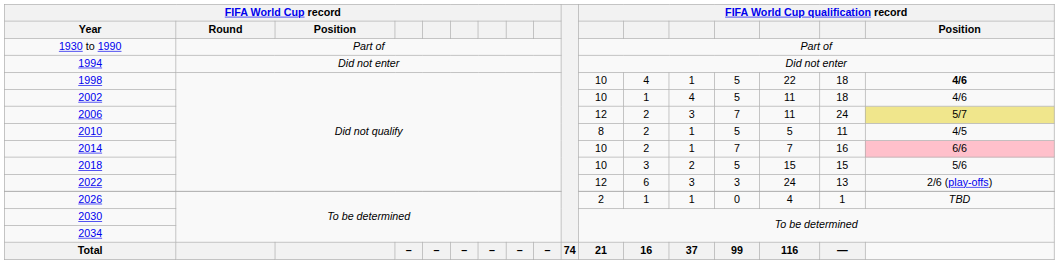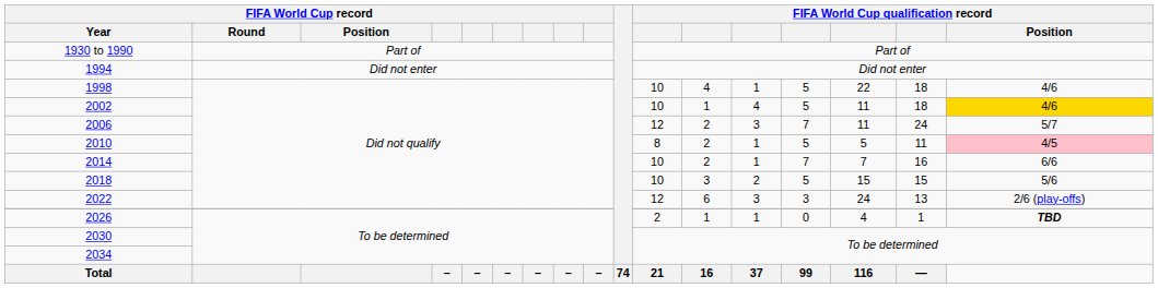 <table class="wikitable" style="text-align: center;">
 <tr>
 <th colspan=9><a href='#'>FIFA World Cup</a> record</th>
 <th width=1% rowspan=15></th>
 <th colspan=7><a href='#'>FIFA World Cup qualification</a> record</th>
 </tr>
 <tr>
 <th>Year</th>
 <th>Round</th>
 <th>Position</th>
 <th></th>
 <th></th>
 <th></th>
 <th></th>
 <th></th>
 <th></th>
 <th></th>
 <th></th>
 <th></th>
 <th></th>
 <th></th>
 <th></th>
 <th>Position</th>
 </tr>
 <tr>
 <td> <a href='#'>1930</a> to  <a href='#'>1990</a></td>
 <td colspan=8><em>Part of </em></td>
 <td colspan=8><em>Part of </em></td>
 </tr>
 <tr>
 <td> <a href='#'>1994</a></td>
 <td colspan=8><em>Did not enter</em></td>
 <td colspan=7><em>Did not enter</em></td>
 </tr>
 <tr>
 <td> <a href='#'>1998</a></td>
 <td rowspan="7" colspan="8"><em>Did not qualify</em></td>
 <td>10</td>
 <td>4</td>
 <td>1</td>
 <td>5</td>
 <td>22</td>
 <td>18</td>
-<td><strong>4/6</strong></td>
+<td>4/6</td>
 </tr>
 <tr>
 <td>  <a href='#'>2002</a></td>
 <td>10</td>
 <td>1</td>
 <td>4</td>
 <td>5</td>
 <td>11</td>
 <td>18</td>
-<td>4/6</td>
+<td style="background: gold;">4/6</td>
 </tr>
 <tr>
 <td> <a href='#'>2006</a></td>
 <td>12</td>
 <td>2</td>
 <td>3</td>
 <td>7</td>
 <td>11</td>
 <td>24</td>
-<td style="background: khaki;">5/7</td>
+<td>5/7</td>
 </tr>
 <tr>
 <td> <a href='#'>2010</a></td>
 <td>8</td>
 <td>2</td>
 <td>1</td>
 <td>5</td>
 <td>5</td>
 <td>11</td>
-<td>4/5</td>
+<td style="background: pink;">4/5</td>
 </tr>
 <tr>
 <td> <a href='#'>2014</a></td>
 <td>10</td>
 <td>2</td>
 <td>1</td>
 <td>7</td>
 <td>7</td>
 <td>16</td>
-<td style="background: pink;">6/6</td>
+<td>6/6</td>
 </tr>
 <tr>
 <td> <a href='#'>2018</a></td>
 <td>10</td>
 <td>3</td>
 <td>2</td>
 <td>5</td>
 <td>15</td>
 <td>15</td>
 <td>5/6</td>
 </tr>
 <tr>
 <td> <a href='#'>2022</a></td>
 <td>12</td>
 <td>6</td>
 <td>3</td>
 <td>3</td>
 <td>24</td>
 <td>13</td>
 <td>2/6 (<a href='#'>play-offs</a>)</td>
 </tr>
 <tr>
 </tr>
 <tr>
 <td>   <a href='#'>2026</a></td>
 <td colspan=8 rowspan=3><em>To be determined</em></td>
 <td>2</td>
 <td>1</td>
 <td>1</td>
 <td>0</td>
 <td>4</td>
 <td>1</td>
-<td><em>TBD</em></td>
+<td><strong><em>TBD</em></strong></td>
 </tr>
 <tr>
 <td>   <a href='#'>2030</a></td>
 <td colspan=8 rowspan=2><em>To be determined</em></td>
 </tr>
 <tr>
 <td> <a href='#'>2034</a></td>
 </tr>
 <tr>
 <th>Total</th>
 <th></th>
 <th></th>
 <th>–</th>
 <th>–</th>
 <th>–</th>
 <th>–</th>
 <th>–</th>
 <th>–</th>
 <th>74</th>
 <th>21</th>
 <th>16</th>
 <th>37</th>
 <th>99</th>
 <th>116</th>
 <th>—</th>
 </tr>
 </table>
